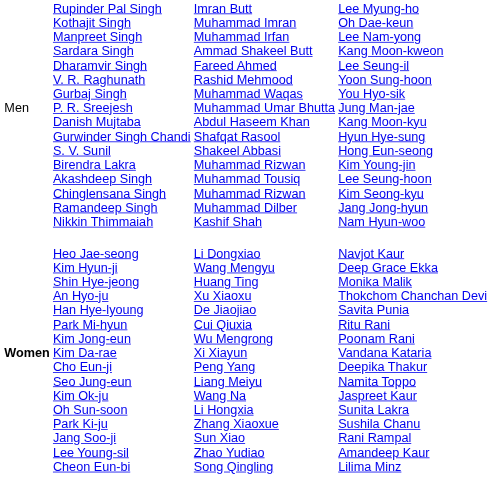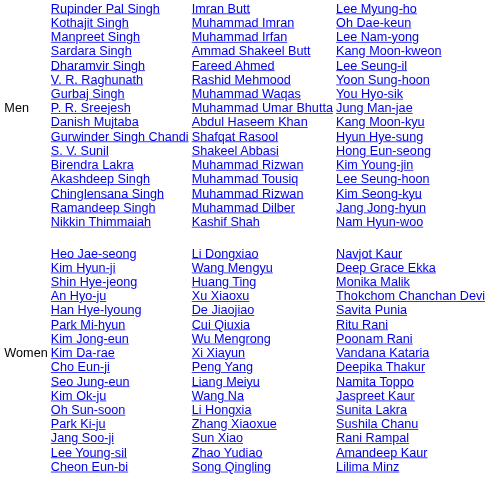 <table>
 <tr>
 <td>Men<br></td>
 <td><br><a href='#'>Rupinder Pal Singh</a><br><a href='#'>Kothajit Singh</a><br><a href='#'>Manpreet Singh</a><br><a href='#'>Sardara Singh</a><br><a href='#'>Dharamvir Singh</a><br><a href='#'>V. R. Raghunath</a><br><a href='#'>Gurbaj Singh</a><br><a href='#'>P. R. Sreejesh</a><br><a href='#'>Danish Mujtaba</a><br><a href='#'>Gurwinder Singh Chandi</a><br><a href='#'>S. V. Sunil</a><br><a href='#'>Birendra Lakra</a><br><a href='#'>Akashdeep Singh</a><br><a href='#'>Chinglensana Singh</a><br><a href='#'>Ramandeep Singh</a><br><a href='#'>Nikkin Thimmaiah</a></td>
 <td><br><a href='#'>Imran Butt</a><br><a href='#'>Muhammad Imran</a><br><a href='#'>Muhammad Irfan</a><br><a href='#'>Ammad Shakeel Butt</a><br><a href='#'>Fareed Ahmed</a><br><a href='#'>Rashid Mehmood</a><br><a href='#'>Muhammad Waqas</a><br><a href='#'>Muhammad Umar Bhutta</a><br><a href='#'>Abdul Haseem Khan</a><br><a href='#'>Shafqat Rasool</a><br><a href='#'>Shakeel Abbasi</a><br><a href='#'>Muhammad Rizwan</a><br><a href='#'>Muhammad Tousiq</a><br><a href='#'>Muhammad Rizwan</a><br><a href='#'>Muhammad Dilber</a><br><a href='#'>Kashif Shah</a></td>
 <td><br><a href='#'>Lee Myung-ho</a><br><a href='#'>Oh Dae-keun</a><br><a href='#'>Lee Nam-yong</a><br><a href='#'>Kang Moon-kweon</a><br><a href='#'>Lee Seung-il</a><br><a href='#'>Yoon Sung-hoon</a><br><a href='#'>You Hyo-sik</a><br><a href='#'>Jung Man-jae</a><br><a href='#'>Kang Moon-kyu</a><br><a href='#'>Hyun Hye-sung</a><br><a href='#'>Hong Eun-seong</a><br><a href='#'>Kim Young-jin</a><br><a href='#'>Lee Seung-hoon</a><br><a href='#'>Kim Seong-kyu</a><br><a href='#'>Jang Jong-hyun</a><br><a href='#'>Nam Hyun-woo</a></td>
 </tr>
 <tr>
-<td><strong>Women<br></strong></td>
+<td>Women<br></td>
 <td><br><a href='#'>Heo Jae-seong</a><br><a href='#'>Kim Hyun-ji</a><br><a href='#'>Shin Hye-jeong</a><br><a href='#'>An Hyo-ju</a><br><a href='#'>Han Hye-lyoung</a><br><a href='#'>Park Mi-hyun</a><br><a href='#'>Kim Jong-eun</a><br><a href='#'>Kim Da-rae</a><br><a href='#'>Cho Eun-ji</a><br><a href='#'>Seo Jung-eun</a><br><a href='#'>Kim Ok-ju</a><br><a href='#'>Oh Sun-soon</a><br><a href='#'>Park Ki-ju</a><br><a href='#'>Jang Soo-ji</a><br><a href='#'>Lee Young-sil</a><br><a href='#'>Cheon Eun-bi</a></td>
 <td><br><a href='#'>Li Dongxiao</a><br><a href='#'>Wang Mengyu</a><br><a href='#'>Huang Ting</a><br><a href='#'>Xu Xiaoxu</a><br><a href='#'>De Jiaojiao</a><br><a href='#'>Cui Qiuxia</a><br><a href='#'>Wu Mengrong</a><br><a href='#'>Xi Xiayun</a><br><a href='#'>Peng Yang</a><br><a href='#'>Liang Meiyu</a><br><a href='#'>Wang Na</a><br><a href='#'>Li Hongxia</a><br><a href='#'>Zhang Xiaoxue</a><br><a href='#'>Sun Xiao</a><br><a href='#'>Zhao Yudiao</a><br><a href='#'>Song Qingling</a></td>
 <td><br><a href='#'>Navjot Kaur</a><br><a href='#'>Deep Grace Ekka</a><br><a href='#'>Monika Malik</a><br><a href='#'>Thokchom Chanchan Devi</a><br><a href='#'>Savita Punia</a><br><a href='#'>Ritu Rani</a><br><a href='#'>Poonam Rani</a><br><a href='#'>Vandana Kataria</a><br><a href='#'>Deepika Thakur</a><br><a href='#'>Namita Toppo</a><br><a href='#'>Jaspreet Kaur</a><br><a href='#'>Sunita Lakra</a><br><a href='#'>Sushila Chanu</a><br><a href='#'>Rani Rampal</a><br><a href='#'>Amandeep Kaur</a><br><a href='#'>Lilima Minz</a></td>
 </tr>
 </table>
